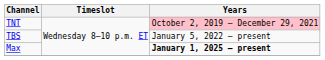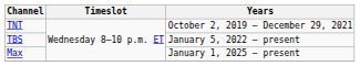 <table class="wikitable" style="margin:0; font-size: 95%">
 <tr>
 <th>Channel</th>
 <th>Timeslot</th>
 <th>Years</th>
 </tr>
 <tr>
 <td><a href='#'>TNT</a></td>
 <td rowspan=3>Wednesday 8–10 p.m. <a href='#'>ET</a></td>
-<td style="background: pink;">October 2, 2019 – December 29, 2021</td>
+<td>October 2, 2019 – December 29, 2021</td>
 </tr>
 <tr>
 <td><a href='#'>TBS</a></td>
 <td>January 5, 2022 – present</td>
 </tr>
 <tr>
 <td><a href='#'>Max</a></td>
-<td><strong>January 1, 2025 – present</strong></td>
+<td>January 1, 2025 – present</td>
 </tr>
 <tr>
 </tr>
 </table>
